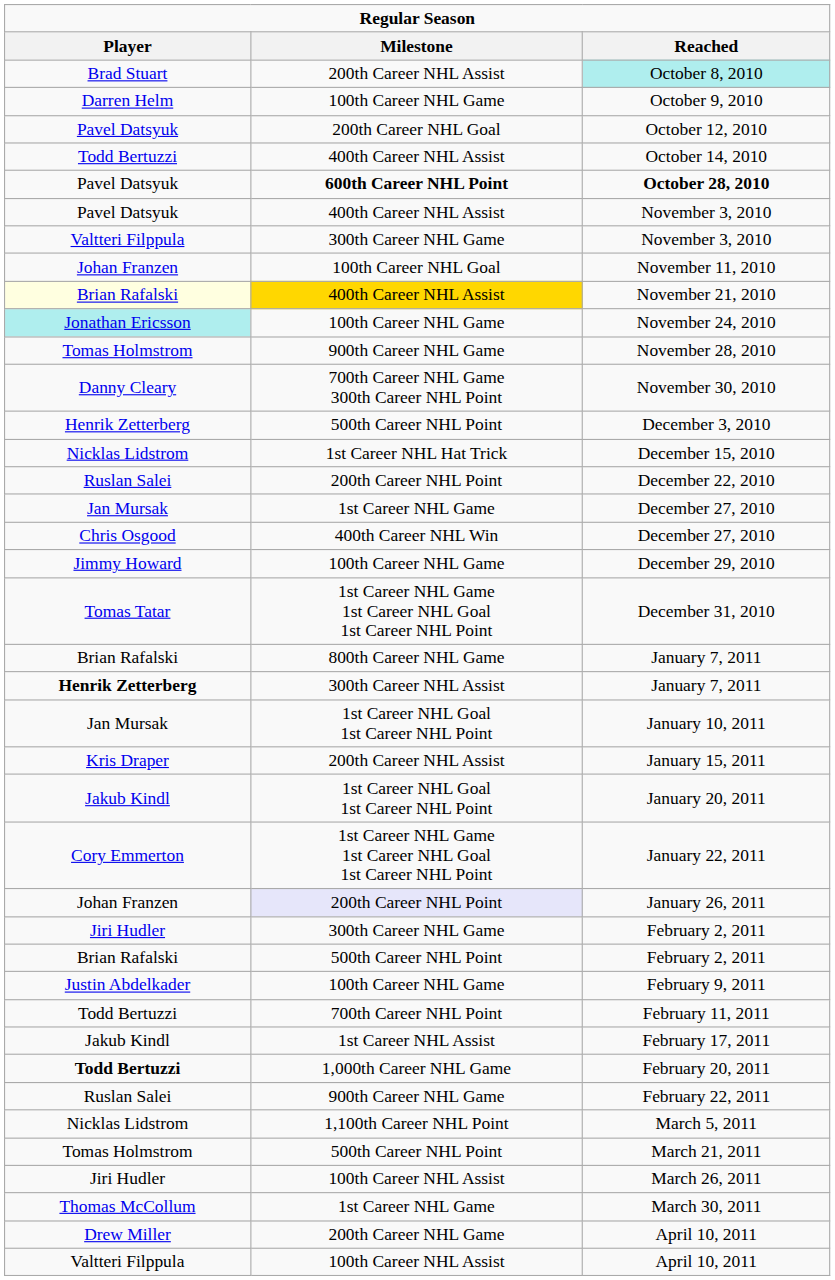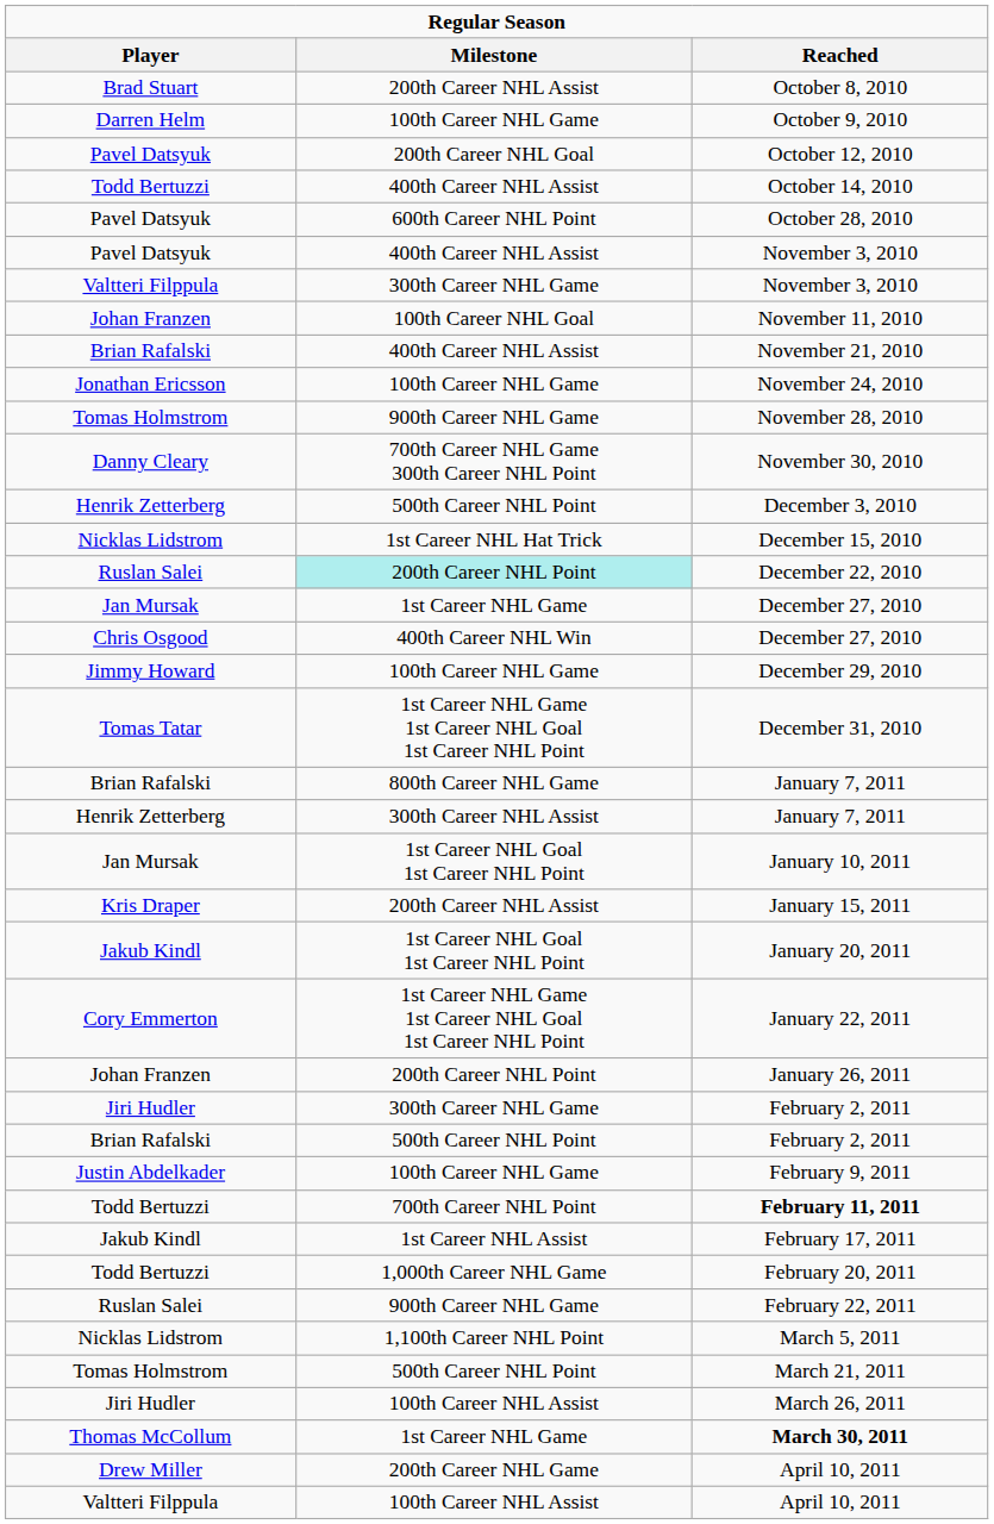 <table class="wikitable" style="width:60%; text-align:center;">
 <tr>
 <td colspan="10" style="text-align:center;"><strong>Regular Season</strong></td>
 </tr>
 <tr>
 <th>Player</th>
 <th>Milestone</th>
 <th>Reached</th>
 </tr>
 <tr>
 <td><a href='#'>Brad Stuart</a></td>
 <td>200th Career NHL Assist</td>
-<td style="background: paleturquoise;">October 8, 2010</td>
+<td>October 8, 2010</td>
 </tr>
 <tr>
 <td><a href='#'>Darren Helm</a></td>
 <td>100th Career NHL Game</td>
 <td>October 9, 2010</td>
 </tr>
 <tr>
 <td><a href='#'>Pavel Datsyuk</a></td>
 <td>200th Career NHL Goal</td>
 <td>October 12, 2010</td>
 </tr>
 <tr>
 <td><a href='#'>Todd Bertuzzi</a></td>
 <td>400th Career NHL Assist</td>
 <td>October 14, 2010</td>
 </tr>
 <tr>
 <td>Pavel Datsyuk</td>
-<td><strong>600th Career NHL Point</strong></td>
-<td><strong>October 28, 2010</strong></td>
+<td>600th Career NHL Point</td>
+<td>October 28, 2010</td>
 </tr>
 <tr>
 <td>Pavel Datsyuk</td>
 <td>400th Career NHL Assist</td>
 <td>November 3, 2010</td>
 </tr>
 <tr>
 <td><a href='#'>Valtteri Filppula</a></td>
 <td>300th Career NHL Game</td>
 <td>November 3, 2010</td>
 </tr>
 <tr>
 <td><a href='#'>Johan Franzen</a></td>
 <td>100th Career NHL Goal</td>
 <td>November 11, 2010</td>
 </tr>
 <tr>
-<td style="background: lightyellow;"><a href='#'>Brian Rafalski</a></td>
-<td style="background: gold;">400th Career NHL Assist</td>
+<td><a href='#'>Brian Rafalski</a></td>
+<td>400th Career NHL Assist</td>
 <td>November 21, 2010</td>
 </tr>
 <tr>
-<td style="background: paleturquoise;"><a href='#'>Jonathan Ericsson</a></td>
+<td><a href='#'>Jonathan Ericsson</a></td>
 <td>100th Career NHL Game</td>
 <td>November 24, 2010</td>
 </tr>
 <tr>
 <td><a href='#'>Tomas Holmstrom</a></td>
 <td>900th Career NHL Game</td>
 <td>November 28, 2010</td>
 </tr>
 <tr>
 <td><a href='#'>Danny Cleary</a></td>
 <td>700th Career NHL Game<br>300th Career NHL Point</td>
 <td>November 30, 2010</td>
 </tr>
 <tr>
 <td><a href='#'>Henrik Zetterberg</a></td>
 <td>500th Career NHL Point</td>
 <td>December 3, 2010</td>
 </tr>
 <tr>
 <td><a href='#'>Nicklas Lidstrom</a></td>
 <td>1st Career NHL Hat Trick</td>
 <td>December 15, 2010</td>
 </tr>
 <tr>
 <td><a href='#'>Ruslan Salei</a></td>
-<td>200th Career NHL Point</td>
+<td style="background: paleturquoise;">200th Career NHL Point</td>
 <td>December 22, 2010</td>
 </tr>
 <tr>
 <td><a href='#'>Jan Mursak</a></td>
 <td>1st Career NHL Game</td>
 <td>December 27, 2010</td>
 </tr>
 <tr>
 <td><a href='#'>Chris Osgood</a></td>
 <td>400th Career NHL Win</td>
 <td>December 27, 2010</td>
 </tr>
 <tr>
 <td><a href='#'>Jimmy Howard</a></td>
 <td>100th Career NHL Game</td>
 <td>December 29, 2010</td>
 </tr>
 <tr>
 <td><a href='#'>Tomas Tatar</a></td>
 <td>1st Career NHL Game<br>1st Career NHL Goal<br>1st Career NHL Point</td>
 <td>December 31, 2010</td>
 </tr>
 <tr>
 <td>Brian Rafalski</td>
 <td>800th Career NHL Game</td>
 <td>January 7, 2011</td>
 </tr>
 <tr>
-<td><strong>Henrik Zetterberg</strong></td>
+<td>Henrik Zetterberg</td>
 <td>300th Career NHL Assist</td>
 <td>January 7, 2011</td>
 </tr>
 <tr>
 <td>Jan Mursak</td>
 <td>1st Career NHL Goal<br>1st Career NHL Point</td>
 <td>January 10, 2011</td>
 </tr>
 <tr>
 <td><a href='#'>Kris Draper</a></td>
 <td>200th Career NHL Assist</td>
 <td>January 15, 2011</td>
 </tr>
 <tr>
 <td><a href='#'>Jakub Kindl</a></td>
 <td>1st Career NHL Goal<br>1st Career NHL Point</td>
 <td>January 20, 2011</td>
 </tr>
 <tr>
 <td><a href='#'>Cory Emmerton</a></td>
 <td>1st Career NHL Game<br>1st Career NHL Goal<br>1st Career NHL Point</td>
 <td>January 22, 2011</td>
 </tr>
 <tr>
 <td>Johan Franzen</td>
-<td style="background: lavender;">200th Career NHL Point</td>
+<td>200th Career NHL Point</td>
 <td>January 26, 2011</td>
 </tr>
 <tr>
 <td><a href='#'>Jiri Hudler</a></td>
 <td>300th Career NHL Game</td>
 <td>February 2, 2011</td>
 </tr>
 <tr>
 <td>Brian Rafalski</td>
 <td>500th Career NHL Point</td>
 <td>February 2, 2011</td>
 </tr>
 <tr>
 <td><a href='#'>Justin Abdelkader</a></td>
 <td>100th Career NHL Game</td>
 <td>February 9, 2011</td>
 </tr>
 <tr>
 <td>Todd Bertuzzi</td>
 <td>700th Career NHL Point</td>
-<td>February 11, 2011</td>
+<td><strong>February 11, 2011</strong></td>
 </tr>
 <tr>
 <td>Jakub Kindl</td>
 <td>1st Career NHL Assist</td>
 <td>February 17, 2011</td>
 </tr>
 <tr>
-<td><strong>Todd Bertuzzi</strong></td>
+<td>Todd Bertuzzi</td>
 <td>1,000th Career NHL Game</td>
 <td>February 20, 2011</td>
 </tr>
 <tr>
 <td>Ruslan Salei</td>
 <td>900th Career NHL Game</td>
 <td>February 22, 2011</td>
 </tr>
 <tr>
 <td>Nicklas Lidstrom</td>
 <td>1,100th Career NHL Point</td>
 <td>March 5, 2011</td>
 </tr>
 <tr>
 <td>Tomas Holmstrom</td>
 <td>500th Career NHL Point</td>
 <td>March 21, 2011</td>
 </tr>
 <tr>
 <td>Jiri Hudler</td>
 <td>100th Career NHL Assist</td>
 <td>March 26, 2011</td>
 </tr>
 <tr>
 <td><a href='#'>Thomas McCollum</a></td>
 <td>1st Career NHL Game</td>
-<td>March 30, 2011</td>
+<td><strong>March 30, 2011</strong></td>
 </tr>
 <tr>
 <td><a href='#'>Drew Miller</a></td>
 <td>200th Career NHL Game</td>
 <td>April 10, 2011</td>
 </tr>
 <tr>
 <td>Valtteri Filppula</td>
 <td>100th Career NHL Assist</td>
 <td>April 10, 2011</td>
 </tr>
 </table>
